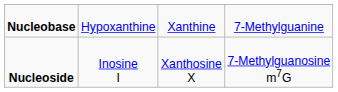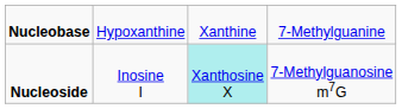 <table class="wikitable skin-invert-image">
 <tr align="center" valign="bottom">
 <td><strong>Nucleobase</strong></td>
 <td><br><a href='#'>Hypoxanthine</a></td>
 <td><br><a href='#'>Xanthine</a></td>
 <td><br><a href='#'>7-Methylguanine</a></td>
 </tr>
 <tr align="center" valign="bottom">
 <td><strong>Nucleoside</strong></td>
 <td><br><a href='#'>Inosine</a><br>I</td>
-<td><br><a href='#'>Xanthosine</a><br>X</td>
+<td style="background: paleturquoise;"><br><a href='#'>Xanthosine</a><br>X</td>
 <td><br><a href='#'>7-Methylguanosine</a><br>m<sup>7</sup>G</td>
 </tr>
 </table>
